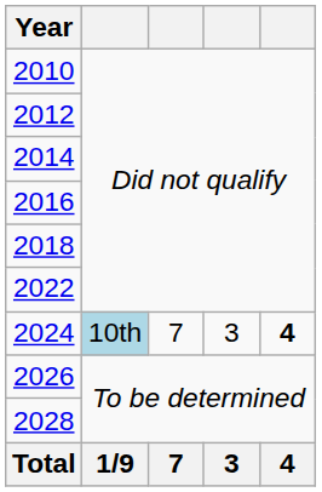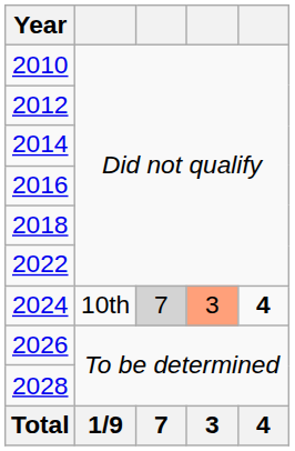 <table class="wikitable" style="text-align:center">
 <tr>
 <th>Year</th>
 <th></th>
 <th width=25></th>
 <th width=25></th>
 <th width=25></th>
 </tr>
 <tr>
 <td> <a href='#'>2010</a></td>
 <td rowspan=6 colspan=4><em>Did not qualify</em></td>
 </tr>
 <tr>
 <td> <a href='#'>2012</a></td>
 </tr>
 <tr>
 <td> <a href='#'>2014</a></td>
 </tr>
 <tr>
 <td> <a href='#'>2016</a></td>
 </tr>
 <tr>
 <td> <a href='#'>2018</a></td>
 </tr>
 <tr>
 <td> <a href='#'>2022</a></td>
 </tr>
 <tr>
 <td> <a href='#'>2024</a></td>
-<td style="background: lightblue;">10th</td>
-<td>7</td>
-<td>3</td>
+<td>10th</td>
+<td style="background: lightgrey;">7</td>
+<td style="background: lightsalmon;">3</td>
 <td><strong>4</strong></td>
 </tr>
 <tr>
 <td> <a href='#'>2026</a></td>
 <td colspan=4 rowspan=2><em>To be determined</em></td>
 </tr>
 <tr>
 <td> <a href='#'>2028</a></td>
 </tr>
 <tr>
 <th>Total</th>
 <th>1/9</th>
 <th>7</th>
 <th>3</th>
 <th>4</th>
 </tr>
 </table>
